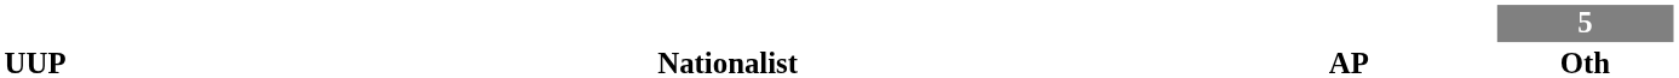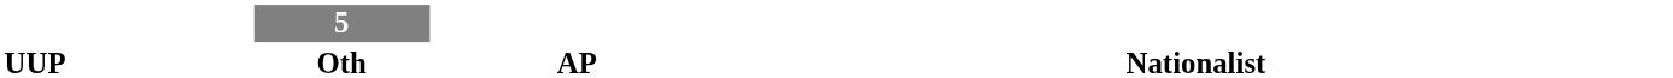 <table style="width:50%; text-align:center;">
 <tr style="color:white;">
 <td style="background:"><strong>38</strong></td>
+<td style="background:grey; width:9.6%;"><strong>5</strong></td>
+<td style="background:"><strong>2</strong></td>
 <td style="background:"><strong>7</strong></td>
-<td style="background:"><strong>2</strong></td>
-<td style="background:grey; width:9.6%;"><strong>5</strong></td>
 </tr>
 <tr>
 <td><span><strong>UUP</strong></span></td>
+<td><span><strong>Oth</strong></span></td>
+<td><span><strong>AP</strong></span></td>
 <td><span><strong>Nationalist</strong></span></td>
-<td><span><strong>AP</strong></span></td>
-<td><span><strong>Oth</strong></span></td>
 </tr>
 </table>
